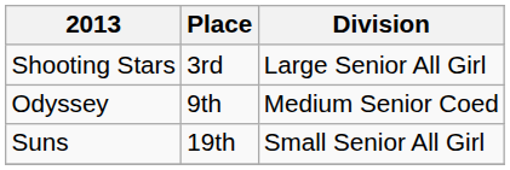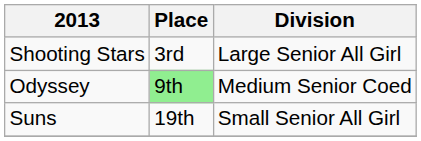 <table class="wikitable">
 <tr>
 <th>2013</th>
 <th>Place</th>
 <th>Division</th>
 </tr>
 <tr>
 <td>Shooting Stars</td>
 <td>3rd</td>
 <td>Large Senior All Girl</td>
 </tr>
 <tr>
 <td>Odyssey</td>
-<td>9th</td>
+<td style="background: lightgreen;">9th</td>
 <td>Medium Senior Coed</td>
 </tr>
 <tr>
 <td>Suns</td>
 <td>19th</td>
 <td>Small Senior All Girl</td>
 </tr>
 <tr>
 </tr>
 </table>
